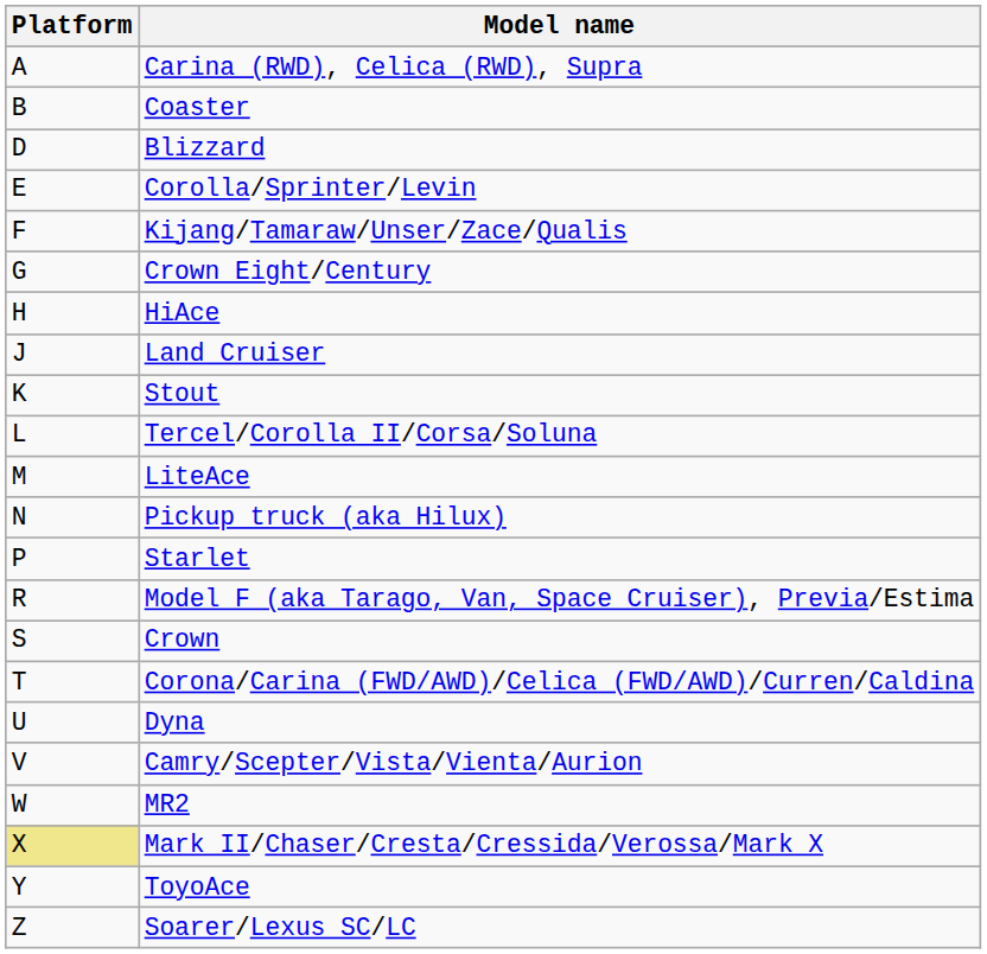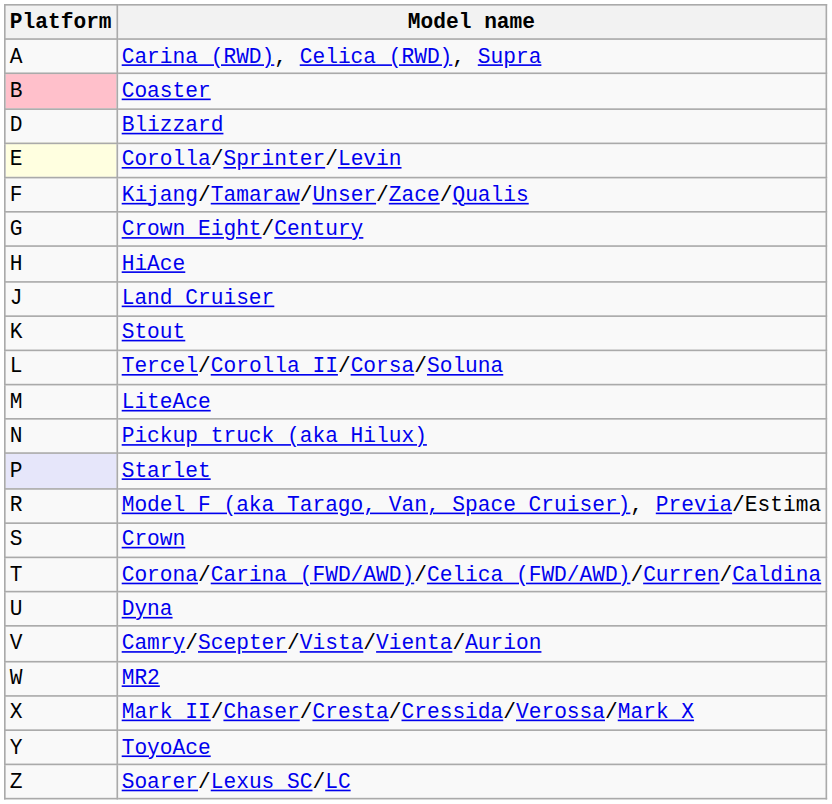 <table class="wikitable">
 <tr>
 <th>Platform</th>
 <th colspan=99>Model name</th>
 </tr>
 <tr>
 <td>A</td>
 <td colspan=99><a href='#'>Carina (RWD)</a>, <a href='#'>Celica (RWD)</a>, <a href='#'>Supra</a></td>
 </tr>
 <tr>
-<td>B</td>
+<td style="background: pink;">B</td>
 <td colspan=99><a href='#'>Coaster</a></td>
 </tr>
 <tr>
 <td>D</td>
 <td colspan=99><a href='#'>Blizzard</a></td>
 </tr>
 <tr>
-<td>E</td>
+<td style="background: lightyellow;">E</td>
 <td colspan=99><a href='#'>Corolla</a>/<a href='#'>Sprinter</a>/<a href='#'>Levin</a></td>
 </tr>
 <tr>
 <td>F</td>
 <td colspan=99><a href='#'>Kijang</a>/<a href='#'>Tamaraw</a>/<a href='#'>Unser</a>/<a href='#'>Zace</a>/<a href='#'>Qualis</a></td>
 </tr>
 <tr>
 <td>G</td>
 <td colspan=99><a href='#'>Crown Eight</a>/<a href='#'>Century</a></td>
 </tr>
 <tr>
 <td>H</td>
 <td colspan=99><a href='#'>HiAce</a></td>
 </tr>
 <tr>
 <td>J</td>
 <td colspan=99><a href='#'>Land Cruiser</a></td>
 </tr>
 <tr>
 <td>K</td>
 <td colspan=99><a href='#'>Stout</a></td>
 </tr>
 <tr>
 <td>L</td>
 <td colspan=99><a href='#'>Tercel</a>/<a href='#'>Corolla II</a>/<a href='#'>Corsa</a>/<a href='#'>Soluna</a></td>
 </tr>
 <tr>
 <td>M</td>
 <td colspan=99><a href='#'>LiteAce</a></td>
 </tr>
 <tr>
 <td>N</td>
 <td colspan=99><a href='#'>Pickup truck (aka Hilux)</a></td>
 </tr>
 <tr>
-<td>P</td>
+<td style="background: lavender;">P</td>
 <td colspan=99><a href='#'>Starlet</a></td>
 </tr>
 <tr>
 <td>R</td>
 <td colspan=99><a href='#'>Model F (aka Tarago, Van, Space Cruiser)</a>, <a href='#'>Previa</a>/Estima</td>
 </tr>
 <tr>
 <td>S</td>
 <td colspan=99><a href='#'>Crown</a></td>
 </tr>
 <tr>
 <td>T</td>
 <td colspan=99><a href='#'>Corona</a>/<a href='#'>Carina (FWD/AWD)</a>/<a href='#'>Celica (FWD/AWD)</a>/<a href='#'>Curren</a>/<a href='#'>Caldina</a></td>
 </tr>
 <tr>
 <td>U</td>
 <td colspan=99><a href='#'>Dyna</a></td>
 </tr>
 <tr>
 <td>V</td>
 <td colspan=99><a href='#'>Camry</a>/<a href='#'>Scepter</a>/<a href='#'>Vista</a>/<a href='#'>Vienta</a>/<a href='#'>Aurion</a></td>
 </tr>
 <tr>
 <td>W</td>
 <td colspan=99><a href='#'>MR2</a></td>
 </tr>
 <tr>
-<td style="background: khaki;">X</td>
+<td>X</td>
 <td colspan=99><a href='#'>Mark II</a>/<a href='#'>Chaser</a>/<a href='#'>Cresta</a>/<a href='#'>Cressida</a>/<a href='#'>Verossa</a>/<a href='#'>Mark X</a></td>
 </tr>
 <tr>
 <td>Y</td>
 <td colspan=99><a href='#'>ToyoAce</a></td>
 </tr>
 <tr>
 <td>Z</td>
 <td colspan=99><a href='#'>Soarer</a>/<a href='#'>Lexus SC</a>/<a href='#'>LC</a></td>
 </tr>
 </table>
